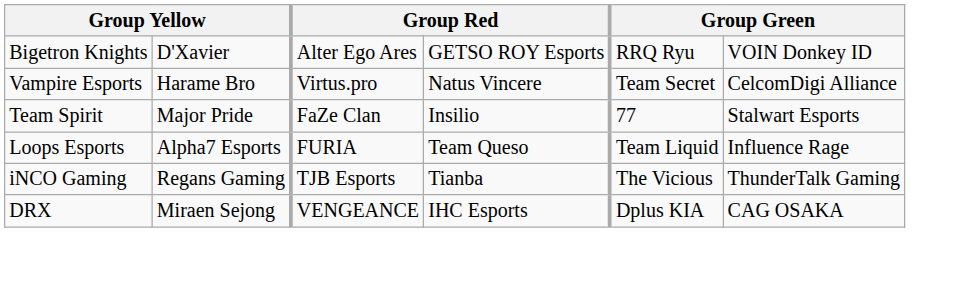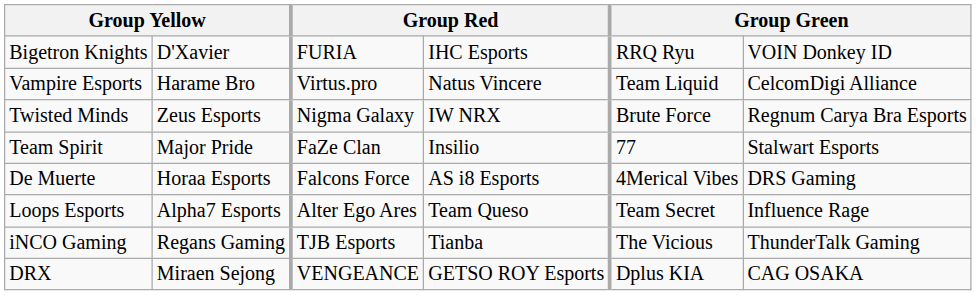 <table class="wikitable" style="text-align:left">
 <tr>
 <th colspan="2" style="text-align:center; border-right-width:3px !important">Group Yellow</th>
 <th colspan="2" style="text-align:center; border-right-width:3px !important">Group Red</th>
 <th colspan="2" style="text-align:center !important">Group Green</th>
 </tr>
 <tr>
 <td>Bigetron Knights</td>
 <td style="border-right-width:3px !important">D'Xavier</td>
-<td>Alter Ego Ares</td>
-<td style="border-right-width:3px !important">GETSO ROY Esports</td>
+<td>FURIA</td>
+<td style="border-right-width:3px !important">IHC Esports</td>
 <td>RRQ Ryu</td>
 <td>VOIN Donkey ID</td>
 </tr>
 <tr>
 <td>Vampire Esports</td>
 <td style="border-right-width:3px !important">Harame Bro</td>
 <td>Virtus.pro</td>
 <td style="border-right-width:3px !important">Natus Vincere</td>
-<td>Team Secret</td>
+<td>Team Liquid</td>
 <td>CelcomDigi Alliance</td>
+</tr>
+<tr>
+<td>Twisted Minds</td>
+<td style="border-right-width:3px !important">Zeus Esports</td>
+<td>Nigma Galaxy</td>
+<td style="border-right-width:3px !important">IW NRX</td>
+<td>Brute Force</td>
+<td>Regnum Carya Bra Esports</td>
 </tr>
 <tr>
 <td>Team Spirit</td>
 <td style="border-right-width:3px !important">Major Pride</td>
 <td>FaZe Clan</td>
 <td style="border-right-width:3px !important">Insilio</td>
 <td>77</td>
 <td>Stalwart Esports</td>
 </tr>
 <tr>
+<td>De Muerte</td>
+<td style="border-right-width:3px !important">Horaa Esports</td>
+<td>Falcons Force</td>
+<td style="border-right-width:3px !important">AS i8 Esports</td>
+<td>4Merical Vibes</td>
+<td>DRS Gaming</td>
+</tr>
+<tr>
 <td>Loops Esports</td>
 <td style="border-right-width:3px !important">Alpha7 Esports</td>
-<td>FURIA</td>
+<td>Alter Ego Ares</td>
 <td style="border-right-width:3px !important">Team Queso</td>
-<td>Team Liquid</td>
+<td>Team Secret</td>
 <td>Influence Rage</td>
 </tr>
 <tr>
 <td>iNCO Gaming</td>
 <td style="border-right-width:3px !important">Regans Gaming</td>
 <td>TJB Esports</td>
 <td style="border-right-width:3px !important">Tianba</td>
 <td>The Vicious</td>
 <td>ThunderTalk Gaming</td>
 </tr>
 <tr>
 <td>DRX</td>
 <td style="border-right-width:3px !important">Miraen Sejong</td>
 <td>VENGEANCE</td>
-<td style="border-right-width:3px !important">IHC Esports</td>
+<td style="border-right-width:3px !important">GETSO ROY Esports</td>
 <td>Dplus KIA</td>
 <td>CAG OSAKA</td>
 </tr>
 </table>
